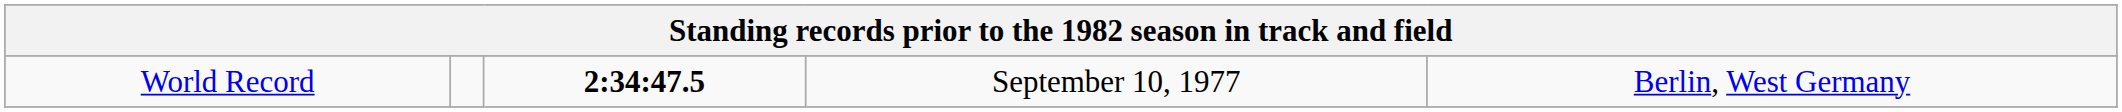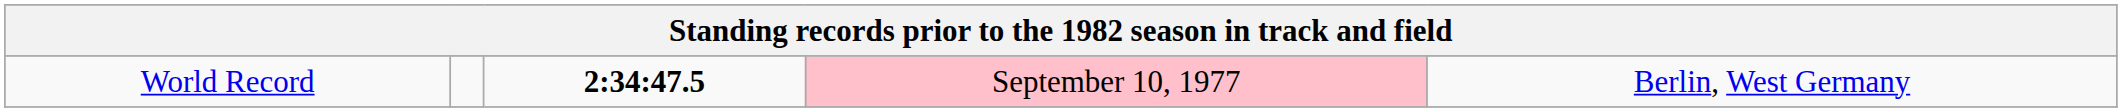 <table class="wikitable" style=" text-align:center; font-size:110%;" width="95%">
 <tr>
 <th colspan="5">Standing records prior to the 1982 season in track and field</th>
 </tr>
 <tr>
 <td><a href='#'>World Record</a></td>
 <td></td>
 <td><strong>2:34:47.5</strong></td>
-<td>September 10, 1977</td>
+<td style="background: pink;">September 10, 1977</td>
 <td> <a href='#'>Berlin</a>, <a href='#'>West Germany</a></td>
 </tr>
 </table>
